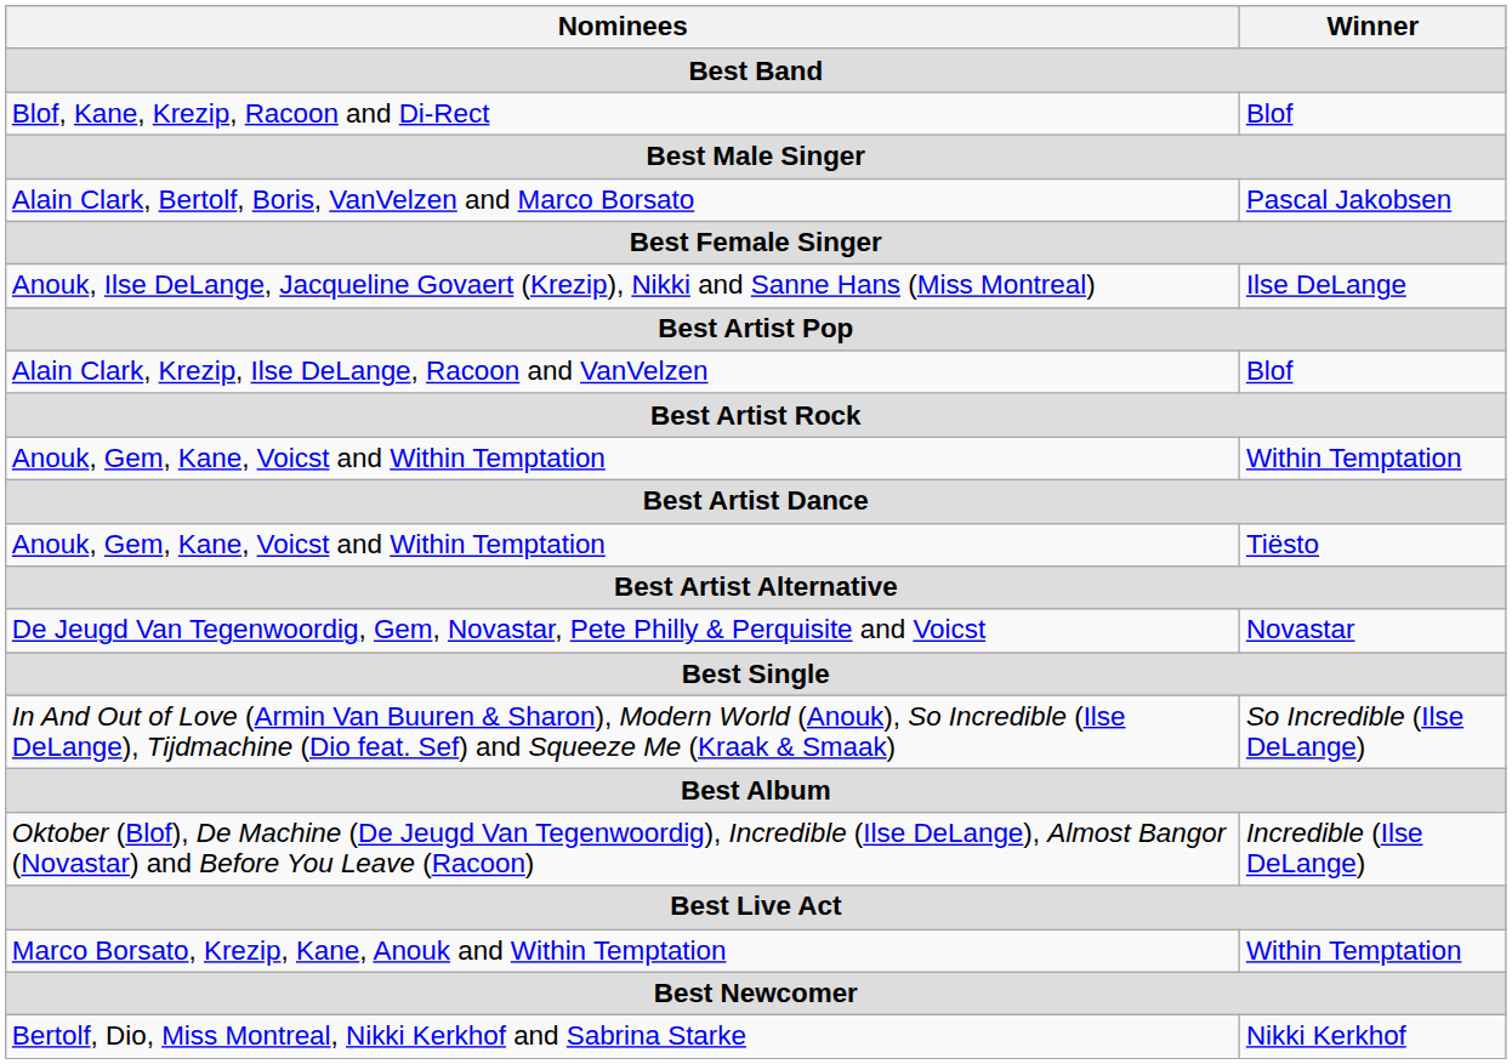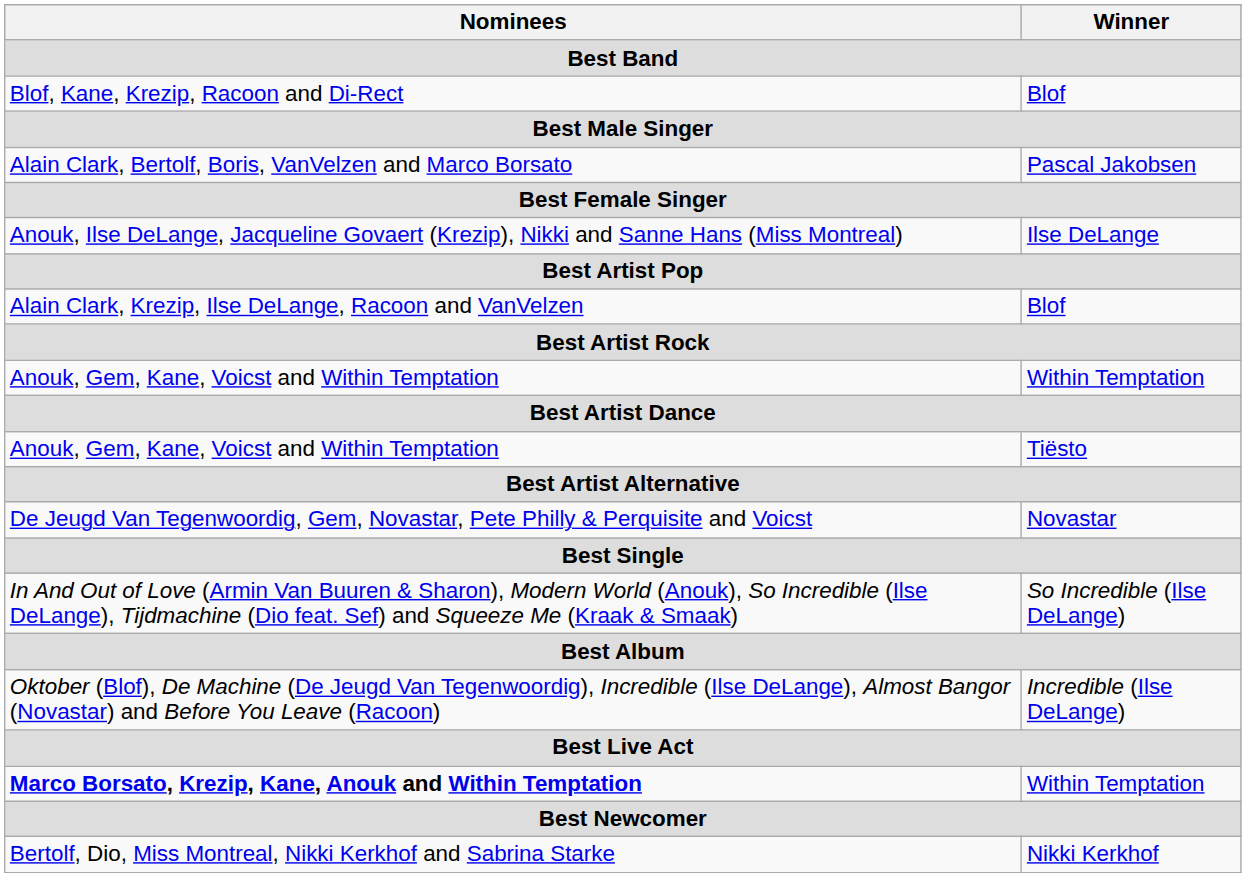 <table class="wikitable" style="width:100%;">
 <tr style="background:#ccc;">
 <th>Nominees</th>
 <th>Winner</th>
 </tr>
 <tr style="background:#ddd;">
 <td colspan="4" style="text-align:center;"><strong>Best Band</strong></td>
 </tr>
 <tr>
 <td><a href='#'>Blof</a>, <a href='#'>Kane</a>, <a href='#'>Krezip</a>, <a href='#'>Racoon</a> and <a href='#'>Di-Rect</a></td>
 <td><a href='#'>Blof</a></td>
 </tr>
 <tr style="background:#ddd;">
 <td colspan="4" style="text-align:center;"><strong>Best Male Singer</strong></td>
 </tr>
 <tr>
 <td><a href='#'>Alain Clark</a>, <a href='#'>Bertolf</a>, <a href='#'>Boris</a>, <a href='#'>VanVelzen</a> and <a href='#'>Marco Borsato</a></td>
 <td><a href='#'>Pascal Jakobsen</a></td>
 </tr>
 <tr style="background:#ddd;">
 <td colspan="4" style="text-align:center;"><strong>Best Female Singer</strong></td>
 </tr>
 <tr>
 <td><a href='#'>Anouk</a>, <a href='#'>Ilse DeLange</a>, <a href='#'>Jacqueline Govaert</a> (<a href='#'>Krezip</a>), <a href='#'>Nikki</a> and <a href='#'>Sanne Hans</a> (<a href='#'>Miss Montreal</a>)</td>
 <td><a href='#'>Ilse DeLange</a></td>
 </tr>
 <tr style="background:#ddd;">
 <td colspan="4" style="text-align:center;"><strong>Best Artist Pop</strong></td>
 </tr>
 <tr>
 <td><a href='#'>Alain Clark</a>, <a href='#'>Krezip</a>, <a href='#'>Ilse DeLange</a>, <a href='#'>Racoon</a> and <a href='#'>VanVelzen</a></td>
 <td><a href='#'>Blof</a></td>
 </tr>
 <tr style="background:#ddd;">
 <td colspan="4" style="text-align:center;"><strong>Best Artist Rock</strong></td>
 </tr>
 <tr>
 <td><a href='#'>Anouk</a>, <a href='#'>Gem</a>, <a href='#'>Kane</a>, <a href='#'>Voicst</a> and <a href='#'>Within Temptation</a></td>
 <td><a href='#'>Within Temptation</a></td>
 </tr>
 <tr style="background:#ddd;">
 <td colspan="4" style="text-align:center;"><strong>Best Artist Dance</strong></td>
 </tr>
 <tr>
 <td><a href='#'>Anouk</a>, <a href='#'>Gem</a>, <a href='#'>Kane</a>, <a href='#'>Voicst</a> and <a href='#'>Within Temptation</a></td>
 <td><a href='#'>Tiësto</a></td>
 </tr>
 <tr style="background:#ddd;">
 <td colspan="4" style="text-align:center;"><strong>Best Artist Alternative</strong></td>
 </tr>
 <tr>
 <td><a href='#'>De Jeugd Van Tegenwoordig</a>, <a href='#'>Gem</a>, <a href='#'>Novastar</a>, <a href='#'>Pete Philly & Perquisite</a> and <a href='#'>Voicst</a></td>
 <td><a href='#'>Novastar</a></td>
 </tr>
 <tr style="background:#ddd;">
 <td colspan="4" style="text-align:center;"><strong>Best Single</strong></td>
 </tr>
 <tr>
 <td><em>In And Out of Love</em> (<a href='#'>Armin Van Buuren & Sharon</a>), <em>Modern World</em> (<a href='#'>Anouk</a>), <em>So Incredible</em> (<a href='#'>Ilse DeLange</a>), <em>Tijdmachine</em> (<a href='#'>Dio feat. Sef</a>) and <em>Squeeze Me</em> (<a href='#'>Kraak & Smaak</a>)</td>
 <td><em>So Incredible</em> (<a href='#'>Ilse DeLange</a>)</td>
 </tr>
 <tr style="background:#ddd;">
 <td colspan="4" style="text-align:center;"><strong>Best Album</strong></td>
 </tr>
 <tr>
 <td><em>Oktober</em> (<a href='#'>Blof</a>), <em>De Machine</em> (<a href='#'>De Jeugd Van Tegenwoordig</a>), <em>Incredible</em> (<a href='#'>Ilse DeLange</a>), <em>Almost Bangor</em> (<a href='#'>Novastar</a>) and <em>Before You Leave</em> (<a href='#'>Racoon</a>)</td>
 <td><em>Incredible</em> (<a href='#'>Ilse DeLange</a>)</td>
 </tr>
 <tr style="background:#ddd;">
 <td colspan="4" style="text-align:center;"><strong>Best Live Act</strong></td>
 </tr>
 <tr>
-<td><a href='#'>Marco Borsato</a>, <a href='#'>Krezip</a>, <a href='#'>Kane</a>, <a href='#'>Anouk</a> and <a href='#'>Within Temptation</a></td>
+<td><strong><a href='#'>Marco Borsato</a>, <a href='#'>Krezip</a>, <a href='#'>Kane</a>, <a href='#'>Anouk</a> and <a href='#'>Within Temptation</a></strong></td>
 <td><a href='#'>Within Temptation</a></td>
 </tr>
 <tr style="background:#ddd;">
 <td colspan="4" style="text-align:center;"><strong>Best Newcomer</strong></td>
 </tr>
 <tr>
 <td><a href='#'>Bertolf</a>, Dio, <a href='#'>Miss Montreal</a>, <a href='#'>Nikki Kerkhof</a> and <a href='#'>Sabrina Starke</a></td>
 <td><a href='#'>Nikki Kerkhof</a></td>
 </tr>
 </table>
